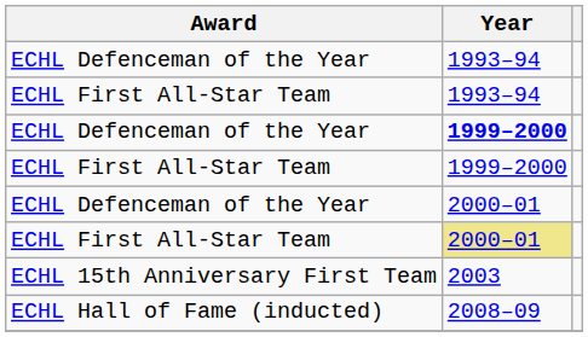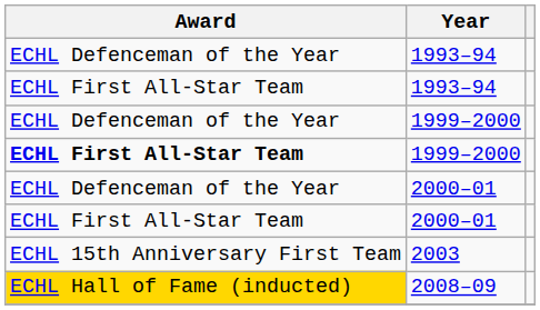 <table class="wikitable">
 <tr>
 <th>Award</th>
 <th>Year</th>
 <th></th>
 </tr>
 <tr>
 <td><a href='#'>ECHL</a> Defenceman of the Year</td>
 <td><a href='#'>1993–94</a></td>
 <td></td>
 </tr>
 <tr>
 <td><a href='#'>ECHL</a> First All-Star Team</td>
 <td><a href='#'>1993–94</a></td>
 <td></td>
 </tr>
 <tr>
 <td><a href='#'>ECHL</a> Defenceman of the Year</td>
-<td><strong><a href='#'>1999–2000</a></strong></td>
+<td><a href='#'>1999–2000</a></td>
 <td></td>
 </tr>
 <tr>
-<td><a href='#'>ECHL</a> First All-Star Team</td>
+<td><strong><a href='#'>ECHL</a> First All-Star Team</strong></td>
 <td><a href='#'>1999–2000</a></td>
 <td></td>
 </tr>
 <tr>
 <td><a href='#'>ECHL</a> Defenceman of the Year</td>
 <td><a href='#'>2000–01</a></td>
 <td></td>
 </tr>
 <tr>
 <td><a href='#'>ECHL</a> First All-Star Team</td>
-<td style="background: khaki;"><a href='#'>2000–01</a></td>
+<td><a href='#'>2000–01</a></td>
 <td></td>
 </tr>
 <tr>
 <td><a href='#'>ECHL</a> 15th Anniversary First Team</td>
 <td><a href='#'>2003</a></td>
 <td></td>
 </tr>
 <tr>
-<td><a href='#'>ECHL</a> Hall of Fame (inducted)</td>
+<td style="background: gold;"><a href='#'>ECHL</a> Hall of Fame (inducted)</td>
 <td><a href='#'>2008–09</a></td>
 <td></td>
 </tr>
 <tr>
 </tr>
 </table>
